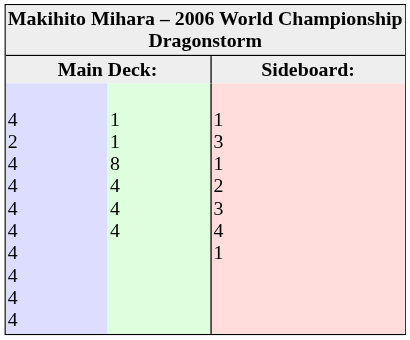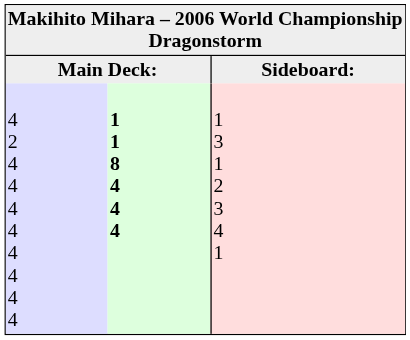 <table align="right" border="0" cellspacing="0" cellpadding="2" style="border: 1px solid black; margin-left: 1ex;">
 <tr>
 <th colspan="3" style="background-color: #eee; border-bottom: 1px solid black;">Makihito Mihara – 2006 World Championship<br> Dragonstorm</th>
 </tr>
 <tr style="background-color: #eee;">
 <th colspan="2">Main Deck:</th>
 <th style="border-left: 1px solid black;">Sideboard:</th>
 </tr>
 <tr valign="top">
 <td style="background-color: #ddf;"><br>4 <br> 2 <br>4 <br> 4 <br> 4 <br> 4 <br> 4 <br> 4 <br> 4 <br> 4 <br></td>
-<td style="background-color: #dfd;"><br>1 <br> 1 <br> 8 <br> 4 <br> 4 <br> 4 <br></td>
+<td style="background-color: #dfd;"><strong><br>1 <br> 1 <br> 8 <br> 4 <br> 4 <br> 4 <br></strong></td>
 <td style="background-color: #fdd; border-left: 1px solid black;"><br>1 <br> 3 <br> 1 <br> 2 <br> 3 <br> 4 <br> 1 <br></td>
 </tr>
 </table>
